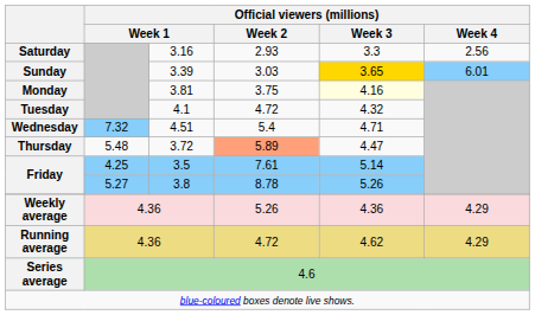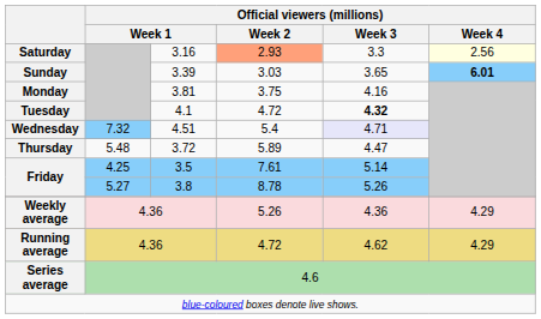 <table class="wikitable" style="font-size:90%; text-align:center; width: 50%; margin-left: auto; margin-right: auto;">
 <tr>
 <th scope="col" rowspan="2" style="width:15%;"></th>
 <th scope=col colspan=5>Official viewers (millions)</th>
 </tr>
 <tr>
 <th colspan="2">Week 1</th>
 <th>Week 2</th>
 <th>Week 3</th>
 <th>Week 4</th>
 </tr>
 <tr>
 <th>Saturday</th>
 <td style="background:#ccc;" rowspan="4"></td>
 <td>3.16</td>
-<td>2.93</td>
+<td style="background: lightsalmon;">2.93</td>
 <td>3.3</td>
-<td>2.56</td>
+<td style="background: lightyellow;">2.56</td>
 </tr>
 <tr>
 <th>Sunday</th>
 <td>3.39</td>
 <td>3.03</td>
-<td style="background: gold;">3.65</td>
-<td style="background:#87CEFA;">6.01</td>
+<td>3.65</td>
+<td style="background:#87CEFA;"><strong>6.01</strong></td>
 </tr>
 <tr>
 <th>Monday</th>
 <td>3.81</td>
 <td>3.75</td>
-<td style="background: lightyellow;">4.16</td>
+<td>4.16</td>
 <td style="background:#ccc;" rowspan="6"></td>
 </tr>
 <tr>
 <th>Tuesday</th>
 <td>4.1</td>
 <td>4.72</td>
-<td>4.32</td>
+<td><strong>4.32</strong></td>
 </tr>
 <tr>
 <th>Wednesday</th>
 <td style="background:#87CEFA;">7.32</td>
 <td>4.51</td>
 <td>5.4</td>
-<td>4.71</td>
+<td style="background: lavender;">4.71</td>
 </tr>
 <tr>
 <th>Thursday</th>
 <td>5.48</td>
 <td>3.72</td>
-<td style="background: lightsalmon;">5.89</td>
+<td>5.89</td>
 <td>4.47</td>
 </tr>
 <tr>
 <th rowspan=2>Friday</th>
 <td style="background:#87CEFA;">4.25</td>
 <td style="background:#87CEFA;">3.5</td>
 <td style="background:#87CEFA;">7.61</td>
 <td style="background:#87CEFA;">5.14</td>
 </tr>
 <tr>
 <td style="background:#87CEFA;">5.27</td>
 <td style="background:#87CEFA;">3.8</td>
 <td style="background:#87CEFA;">8.78</td>
 <td style="background:#87CEFA;">5.26</td>
 </tr>
 <tr>
 </tr>
 <tr style="background:#FADADD;" |>
 <th>Weekly average</th>
 <td colspan="2">4.36</td>
 <td>5.26</td>
 <td>4.36</td>
 <td>4.29</td>
 </tr>
 <tr style="background:#EEDC82;" |>
 <th>Running average</th>
 <td colspan="2">4.36</td>
 <td>4.72</td>
 <td>4.62</td>
 <td>4.29</td>
 </tr>
 <tr style="background:#ADDFAD;" |>
 <th>Series average</th>
 <td colspan="6">4.6</td>
 </tr>
 <tr>
 <td colspan=6><small><em><a href='#'>blue-coloured</a> boxes denote live shows.</em></small></td>
 </tr>
 </table>
